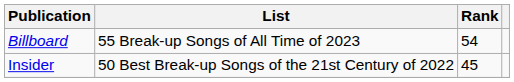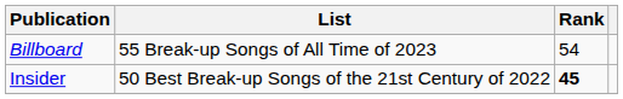 <table class="sortable wikitable">
 <tr>
 <th>Publication</th>
 <th>List</th>
 <th>Rank</th>
 <th class="unsortable"></th>
 </tr>
 <tr>
 <td><em><a href='#'>Billboard</a></em></td>
 <td>55 Break-up Songs of All Time of 2023</td>
 <td>54</td>
 <td style="text-align:center;"></td>
 </tr>
 <tr>
 <td><a href='#'>Insider</a></td>
 <td>50 Best Break-up Songs of the 21st Century of 2022</td>
-<td>45</td>
+<td><strong>45</strong></td>
 <td style="text-align:center;"></td>
 </tr>
 <tr>
 </tr>
 </table>
